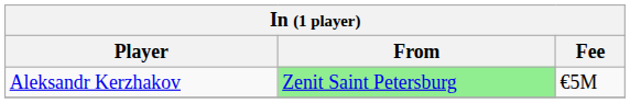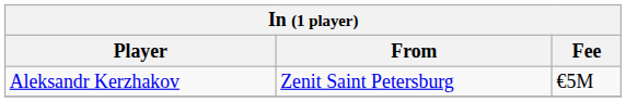 <table class="wikitable collapsible collapsed">
 <tr>
 <th colspan="3" width="500"> <strong>In</strong> <small>(1 player)</small></th>
 </tr>
 <tr>
 <th>Player</th>
 <th>From</th>
 <th>Fee</th>
 </tr>
 <tr>
 <td> <a href='#'>Aleksandr Kerzhakov</a></td>
-<td style="background: lightgreen;"> <a href='#'>Zenit Saint Petersburg</a></td>
+<td> <a href='#'>Zenit Saint Petersburg</a></td>
 <td>€5M</td>
 </tr>
 <tr>
 </tr>
 </table>
